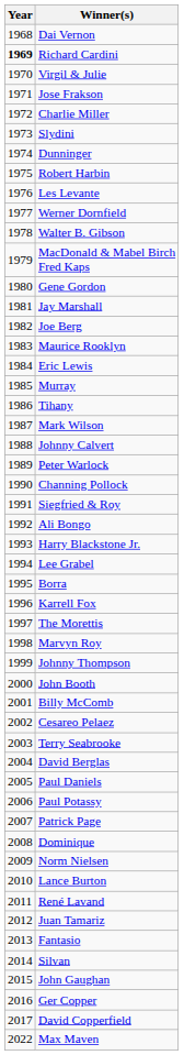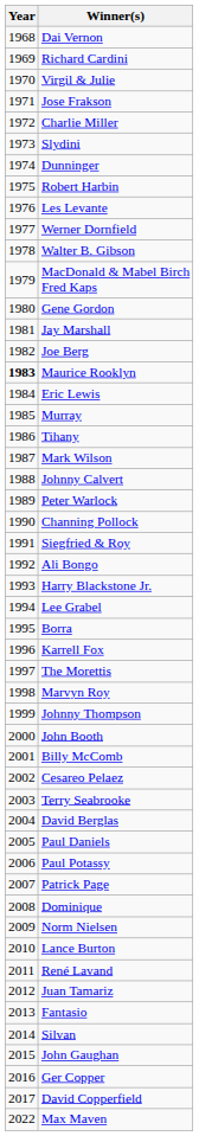 <table class="wikitable sortable">
 <tr>
 <th>Year</th>
 <th>Winner(s)</th>
 </tr>
 <tr>
 <td>1968</td>
 <td><a href='#'>Dai Vernon</a></td>
 </tr>
 <tr>
-<td><strong>1969</strong></td>
+<td>1969</td>
 <td><a href='#'>Richard Cardini</a></td>
 </tr>
 <tr>
 <td>1970</td>
 <td><a href='#'>Virgil & Julie</a></td>
 </tr>
 <tr>
 <td>1971</td>
 <td><a href='#'>Jose Frakson</a></td>
 </tr>
 <tr>
 <td>1972</td>
 <td><a href='#'>Charlie Miller</a></td>
 </tr>
 <tr>
 <td>1973</td>
 <td><a href='#'>Slydini</a></td>
 </tr>
 <tr>
 <td>1974</td>
 <td><a href='#'>Dunninger</a></td>
 </tr>
 <tr>
 <td>1975</td>
 <td><a href='#'>Robert Harbin</a></td>
 </tr>
 <tr>
 <td>1976</td>
 <td><a href='#'>Les Levante</a></td>
 </tr>
 <tr>
 <td>1977</td>
 <td><a href='#'>Werner Dornfield</a></td>
 </tr>
 <tr>
 <td>1978</td>
 <td><a href='#'>Walter B. Gibson</a></td>
 </tr>
 <tr>
 <td>1979</td>
 <td><a href='#'>MacDonald & Mabel Birch</a><br><a href='#'>Fred Kaps</a></td>
 </tr>
 <tr>
 <td>1980</td>
 <td><a href='#'>Gene Gordon</a></td>
 </tr>
 <tr>
 <td>1981</td>
 <td><a href='#'>Jay Marshall</a></td>
 </tr>
 <tr>
 <td>1982</td>
 <td><a href='#'>Joe Berg</a></td>
 </tr>
 <tr>
-<td>1983</td>
+<td><strong>1983</strong></td>
 <td><a href='#'>Maurice Rooklyn</a></td>
 </tr>
 <tr>
 <td>1984</td>
 <td><a href='#'>Eric Lewis</a></td>
 </tr>
 <tr>
 <td>1985</td>
 <td><a href='#'>Murray</a></td>
 </tr>
 <tr>
 <td>1986</td>
 <td><a href='#'>Tihany</a></td>
 </tr>
 <tr>
 <td>1987</td>
 <td><a href='#'>Mark Wilson</a></td>
 </tr>
 <tr>
 <td>1988</td>
 <td><a href='#'>Johnny Calvert</a></td>
 </tr>
 <tr>
 <td>1989</td>
 <td><a href='#'>Peter Warlock</a></td>
 </tr>
 <tr>
 <td>1990</td>
 <td><a href='#'>Channing Pollock</a></td>
 </tr>
 <tr>
 <td>1991</td>
 <td><a href='#'>Siegfried & Roy</a></td>
 </tr>
 <tr>
 <td>1992</td>
 <td><a href='#'>Ali Bongo</a></td>
 </tr>
 <tr>
 <td>1993</td>
 <td><a href='#'>Harry Blackstone Jr.</a></td>
 </tr>
 <tr>
 <td>1994</td>
 <td><a href='#'>Lee Grabel</a></td>
 </tr>
 <tr>
 <td>1995</td>
 <td><a href='#'>Borra</a></td>
 </tr>
 <tr>
 <td>1996</td>
 <td><a href='#'>Karrell Fox</a></td>
 </tr>
 <tr>
 <td>1997</td>
 <td><a href='#'>The Morettis</a></td>
 </tr>
 <tr>
 <td>1998</td>
 <td><a href='#'>Marvyn Roy</a></td>
 </tr>
 <tr>
 <td>1999</td>
 <td><a href='#'>Johnny Thompson</a></td>
 </tr>
 <tr>
 <td>2000</td>
 <td><a href='#'>John Booth</a></td>
 </tr>
 <tr>
 <td>2001</td>
 <td><a href='#'>Billy McComb</a></td>
 </tr>
 <tr>
 <td>2002</td>
 <td><a href='#'>Cesareo Pelaez</a></td>
 </tr>
 <tr>
 <td>2003</td>
 <td><a href='#'>Terry Seabrooke</a></td>
 </tr>
 <tr>
 <td>2004</td>
 <td><a href='#'>David Berglas</a></td>
 </tr>
 <tr>
 <td>2005</td>
 <td><a href='#'>Paul Daniels</a></td>
 </tr>
 <tr>
 <td>2006</td>
 <td><a href='#'>Paul Potassy</a></td>
 </tr>
 <tr>
 <td>2007</td>
 <td><a href='#'>Patrick Page</a></td>
 </tr>
 <tr>
 <td>2008</td>
 <td><a href='#'>Dominique</a></td>
 </tr>
 <tr>
 <td>2009</td>
 <td><a href='#'>Norm Nielsen</a></td>
 </tr>
 <tr>
 <td>2010</td>
 <td><a href='#'>Lance Burton</a></td>
 </tr>
 <tr>
 <td>2011</td>
 <td><a href='#'>René Lavand</a></td>
 </tr>
 <tr>
 <td>2012</td>
 <td><a href='#'>Juan Tamariz</a></td>
 </tr>
 <tr>
 <td>2013</td>
 <td><a href='#'>Fantasio</a></td>
 </tr>
 <tr>
 <td>2014</td>
 <td><a href='#'>Silvan</a></td>
 </tr>
 <tr>
 <td>2015</td>
 <td><a href='#'>John Gaughan</a></td>
 </tr>
 <tr>
 <td>2016</td>
 <td><a href='#'>Ger Copper</a></td>
 </tr>
 <tr>
 <td>2017</td>
 <td><a href='#'>David Copperfield</a></td>
 </tr>
 <tr>
 <td>2022</td>
 <td><a href='#'>Max Maven</a></td>
 </tr>
 </table>
